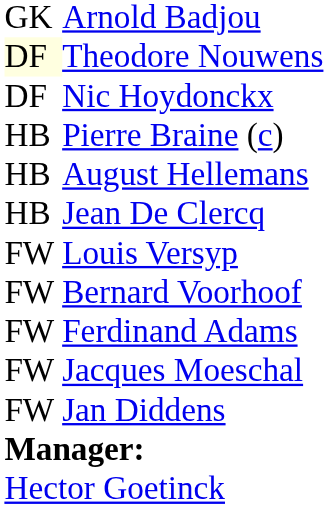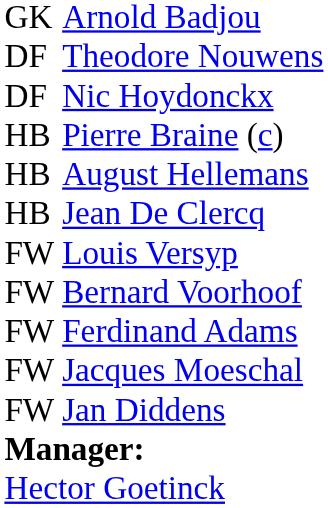 <table style="font-size: 90%" cellspacing="0" cellpadding="0" align=center>
 <tr>
 <th width="25"></th>
 </tr>
 <tr>
 <td>GK</td>
 <td><a href='#'>Arnold Badjou</a></td>
 </tr>
 <tr>
-<td style="background: lightyellow;">DF</td>
+<td>DF</td>
 <td><a href='#'>Theodore Nouwens</a></td>
 </tr>
 <tr>
 <td>DF</td>
 <td><a href='#'>Nic Hoydonckx</a></td>
 </tr>
 <tr>
 <td>HB</td>
 <td><a href='#'>Pierre Braine</a> (<a href='#'>c</a>)</td>
 </tr>
 <tr>
 <td>HB</td>
 <td><a href='#'>August Hellemans</a></td>
 </tr>
 <tr>
 <td>HB</td>
 <td><a href='#'>Jean De Clercq</a></td>
 </tr>
 <tr>
 <td>FW</td>
 <td><a href='#'>Louis Versyp</a></td>
 </tr>
 <tr>
 <td>FW</td>
 <td><a href='#'>Bernard Voorhoof</a></td>
 </tr>
 <tr>
 <td>FW</td>
 <td><a href='#'>Ferdinand Adams</a></td>
 </tr>
 <tr>
 <td>FW</td>
 <td><a href='#'>Jacques Moeschal</a></td>
 </tr>
 <tr>
 <td>FW</td>
 <td><a href='#'>Jan Diddens</a></td>
 </tr>
 <tr>
 <td colspan=3><strong>Manager:</strong></td>
 </tr>
 <tr>
 <td colspan=4><a href='#'>Hector Goetinck</a></td>
 </tr>
 </table>
